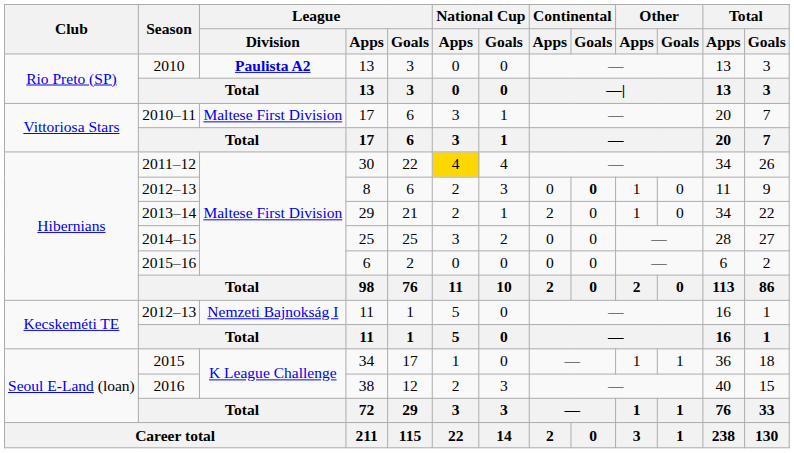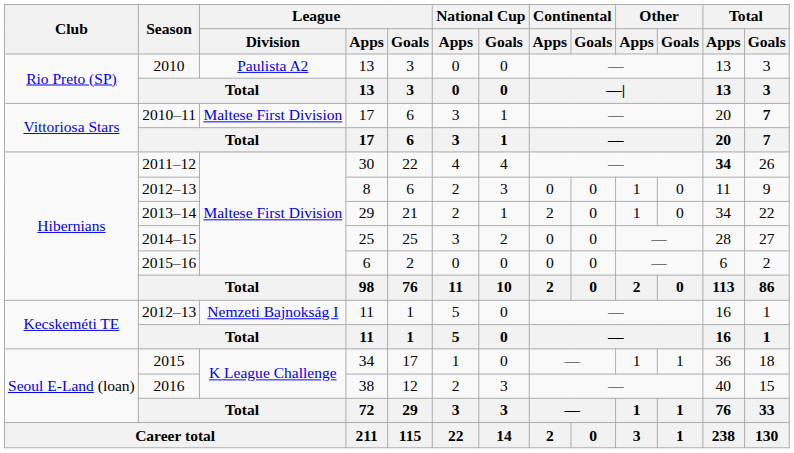 <table class="wikitable" style="text-align: center;">
 <tr>
 <th rowspan="2">Club</th>
 <th rowspan="2">Season</th>
 <th colspan="3">League</th>
 <th colspan="2">National Cup</th>
 <th colspan="2">Continental</th>
 <th colspan="2">Other</th>
 <th colspan="2">Total</th>
 </tr>
 <tr>
 <th>Division</th>
 <th>Apps</th>
 <th>Goals</th>
 <th>Apps</th>
 <th>Goals</th>
 <th>Apps</th>
 <th>Goals</th>
 <th>Apps</th>
 <th>Goals</th>
 <th>Apps</th>
 <th>Goals</th>
 </tr>
 <tr>
 <td rowspan="2" valign="center"><a href='#'>Rio Preto (SP)</a></td>
 <td>2010</td>
-<td><strong><a href='#'>Paulista A2</a></strong></td>
+<td><a href='#'>Paulista A2</a></td>
 <td>13</td>
 <td>3</td>
 <td>0</td>
 <td>0</td>
 <td colspan="4">—</td>
 <td>13</td>
 <td>3</td>
 </tr>
 <tr>
 <th colspan="2">Total</th>
 <th>13</th>
 <th>3</th>
 <th>0</th>
 <th>0</th>
 <th colspan="4">—|</th>
 <th>13</th>
 <th>3</th>
 </tr>
 <tr>
 <td rowspan="2" valign="center"><a href='#'>Vittoriosa Stars</a></td>
 <td>2010–11</td>
 <td><a href='#'>Maltese First Division</a></td>
 <td>17</td>
 <td>6</td>
 <td>3</td>
 <td>1</td>
 <td colspan="4">—</td>
 <td>20</td>
-<td>7</td>
+<td><strong>7</strong></td>
 </tr>
 <tr>
 <th colspan="2">Total</th>
 <th>17</th>
 <th>6</th>
 <th>3</th>
 <th>1</th>
 <th colspan="4">—</th>
 <th>20</th>
 <th>7</th>
 </tr>
 <tr>
 <td rowspan="6" valign="center"><a href='#'>Hibernians</a></td>
 <td>2011–12</td>
 <td rowspan="5"><a href='#'>Maltese First Division</a></td>
 <td>30</td>
 <td>22</td>
-<td style="background: gold;">4</td>
+<td>4</td>
 <td>4</td>
 <td colspan="4">—</td>
-<td>34</td>
+<td><strong>34</strong></td>
 <td>26</td>
 </tr>
 <tr>
 <td>2012–13</td>
 <td>8</td>
 <td>6</td>
 <td>2</td>
 <td>3</td>
 <td>0</td>
-<td><strong>0</strong></td>
+<td>0</td>
 <td>1</td>
 <td>0</td>
 <td>11</td>
 <td>9</td>
 </tr>
 <tr>
 <td>2013–14</td>
 <td>29</td>
 <td>21</td>
 <td>2</td>
 <td>1</td>
 <td>2</td>
 <td>0</td>
 <td>1</td>
 <td>0</td>
 <td>34</td>
 <td>22</td>
 </tr>
 <tr>
 <td>2014–15</td>
 <td>25</td>
 <td>25</td>
 <td>3</td>
 <td>2</td>
 <td>0</td>
 <td>0</td>
 <td colspan="2">—</td>
 <td>28</td>
 <td>27</td>
 </tr>
 <tr>
 <td>2015–16</td>
 <td>6</td>
 <td>2</td>
 <td>0</td>
 <td>0</td>
 <td>0</td>
 <td>0</td>
 <td colspan="2">—</td>
 <td>6</td>
 <td>2</td>
 </tr>
 <tr>
 <th colspan="2">Total</th>
 <th>98</th>
 <th>76</th>
 <th>11</th>
 <th>10</th>
 <th>2</th>
 <th>0</th>
 <th>2</th>
 <th>0</th>
 <th>113</th>
 <th>86</th>
 </tr>
 <tr>
 <td rowspan="2" valign="center"><a href='#'>Kecskeméti TE</a></td>
 <td>2012–13</td>
 <td><a href='#'>Nemzeti Bajnokság I</a></td>
 <td>11</td>
 <td>1</td>
 <td>5</td>
 <td>0</td>
 <td colspan="4">—</td>
 <td>16</td>
 <td>1</td>
 </tr>
 <tr>
 <th colspan="2">Total</th>
 <th>11</th>
 <th>1</th>
 <th>5</th>
 <th>0</th>
 <th colspan="4">—</th>
 <th>16</th>
 <th>1</th>
 </tr>
 <tr>
 <td rowspan="3" valign="center"><a href='#'>Seoul E-Land</a> (loan)</td>
 <td>2015</td>
 <td rowspan="2"><a href='#'>K League Challenge</a></td>
 <td>34</td>
 <td>17</td>
 <td>1</td>
 <td>0</td>
 <td colspan="2">—</td>
 <td>1</td>
 <td>1</td>
 <td>36</td>
 <td>18</td>
 </tr>
 <tr>
 <td>2016</td>
 <td>38</td>
 <td>12</td>
 <td>2</td>
 <td>3</td>
 <td colspan="4">—</td>
 <td>40</td>
 <td>15</td>
 </tr>
 <tr>
 <th colspan="2">Total</th>
 <th>72</th>
 <th>29</th>
 <th>3</th>
 <th>3</th>
 <th colspan="2">—</th>
 <th>1</th>
 <th>1</th>
 <th>76</th>
 <th>33</th>
 </tr>
 <tr>
 <th colspan="3">Career total</th>
 <th>211</th>
 <th>115</th>
 <th>22</th>
 <th>14</th>
 <th>2</th>
 <th>0</th>
 <th>3</th>
 <th>1</th>
 <th>238</th>
 <th>130</th>
 </tr>
 </table>
